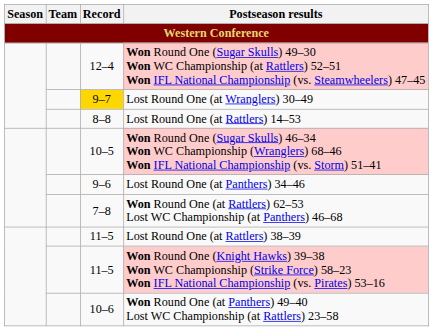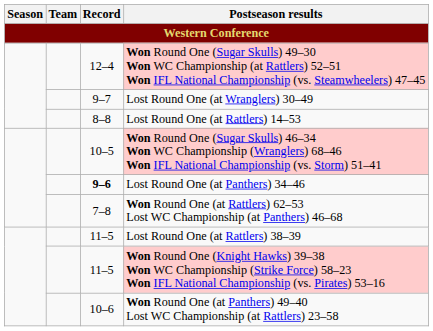 <table class="wikitable">
 <tr>
 <th>Season</th>
 <th>Team</th>
 <th>Record</th>
 <th>Postseason results</th>
 </tr>
 <tr>
 <th colspan="4" style="color:#E4D96F; background-color:#800000">Western Conference</th>
 </tr>
 <tr>
 <td rowspan="3" align="center"></td>
 <td><strong><a href='#'></a></strong></td>
 <td align="center">12–4</td>
 <td bgcolor="#FFCCCC"><strong>Won</strong> Round One (<a href='#'>Sugar Skulls</a>) 49–30<br><strong>Won</strong> WC Championship (at <a href='#'>Rattlers</a>) 52–51<br><strong>Won</strong> <a href='#'>IFL National Championship</a> (vs. <a href='#'>Steamwheelers</a>) 47–45</td>
 </tr>
 <tr>
 <td><strong><a href='#'></a></strong></td>
-<td align="center" style="background: gold;">9–7</td>
+<td align="center">9–7</td>
 <td>Lost Round One (at <a href='#'>Wranglers</a>) 30–49</td>
 </tr>
 <tr>
 <td><strong><a href='#'></a></strong></td>
 <td align="center">8–8</td>
 <td>Lost Round One (at <a href='#'>Rattlers</a>) 14–53</td>
 </tr>
 <tr>
 <td rowspan="3" align="center"></td>
 <td><strong><a href='#'></a></strong></td>
 <td align="center">10–5</td>
 <td bgcolor="#FFCCCC"><strong>Won</strong> Round One (<a href='#'>Sugar Skulls</a>) 46–34<br><strong>Won</strong> WC Championship (<a href='#'>Wranglers</a>) 68–46<br><strong>Won</strong> <a href='#'>IFL National Championship</a> (vs. <a href='#'>Storm</a>) 51–41</td>
 </tr>
 <tr>
 <td><strong><a href='#'></a></strong></td>
-<td align="center">9–6</td>
+<td align="center"><strong>9–6</strong></td>
 <td>Lost Round One (at <a href='#'>Panthers</a>) 34–46</td>
 </tr>
 <tr>
 <td><strong><a href='#'></a></strong></td>
 <td align="center">7–8</td>
 <td><strong>Won</strong> Round One (at <a href='#'>Rattlers</a>) 62–53<br>Lost WC Championship (at <a href='#'>Panthers</a>) 46–68</td>
 </tr>
 <tr>
 <td rowspan="3" align="center"></td>
 <td><strong><a href='#'></a></strong></td>
 <td align="center">11–5</td>
 <td>Lost Round One (at <a href='#'>Rattlers</a>) 38–39</td>
 </tr>
 <tr>
 <td><strong><a href='#'></a></strong></td>
 <td align="center">11–5</td>
 <td bgcolor="#FFCCCC"><strong>Won</strong> Round One (<a href='#'>Knight Hawks</a>)  39–38<br><strong>Won</strong> WC Championship (<a href='#'>Strike Force</a>) 58–23<br><strong>Won</strong> <a href='#'>IFL National Championship</a> (vs. <a href='#'>Pirates</a>) 53–16</td>
 </tr>
 <tr>
 <td><strong><a href='#'></a></strong></td>
 <td align="center">10–6</td>
 <td><strong>Won</strong> Round One (at <a href='#'>Panthers</a>) 49–40<br>Lost WC Championship (at <a href='#'>Rattlers</a>) 23–58</td>
 </tr>
 </table>
